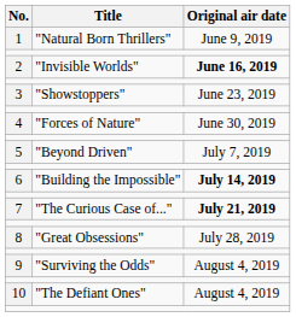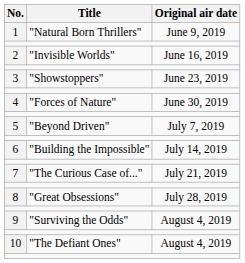 <table class="wikitable">
 <tr>
 <th style="background:">No.</th>
 <th style="background:">Title</th>
 <th style="background:">Original air date</th>
 </tr>
 <tr class="vevent" style="text-align:center;background-position:initialinitial;background-repeat:initialinitial;">
 <th id="ep1" scope="row" style="font-weight:normal;">1</th>
 <td class="summary" style="text-align:left;">"Natural Born Thrillers"</td>
 <td>June 9, 2019</td>
 </tr>
 <tr>
 <td colspan="3" class="description" style="bottom-border-width:3px;border-bottom-color:"></td>
 </tr>
 <tr class="vevent" style="text-align:center;background-position:initialinitial;background-repeat:initialinitial;">
 <th id="ep2" scope="row" style="font-weight:normal;">2</th>
 <td class="summary" style="text-align:left;">"Invisible Worlds"</td>
-<td><strong>June 16, 2019</strong></td>
+<td>June 16, 2019</td>
 </tr>
 <tr>
 <td colspan="3" class="description" style="bottom-border-width:3px;border-bottom-color:"></td>
 </tr>
 <tr class="vevent" style="text-align:center;background-position:initialinitial;background-repeat:initialinitial;">
 <th id="ep3" scope="row" style="font-weight:normal;">3</th>
 <td class="summary" style="text-align:left;">"Showstoppers"</td>
 <td>June 23, 2019</td>
 </tr>
 <tr>
 <td colspan="3" class="description" style="bottom-border-width:3px;border-bottom-color:"></td>
 </tr>
 <tr class="vevent" style="text-align:center;background-position:initialinitial;background-repeat:initialinitial;">
 <th id="ep4" scope="row" style="font-weight:normal;">4</th>
 <td class="summary" style="text-align:left;">"Forces of Nature"</td>
 <td>June 30, 2019</td>
 </tr>
 <tr>
 <td colspan="3" class="description" style="bottom-border-width:3px;border-bottom-color:"></td>
 </tr>
 <tr class="vevent" style="text-align:center;background-position:initialinitial;background-repeat:initialinitial;">
 <th id="ep5" scope="row" style="font-weight:normal;">5</th>
 <td class="summary" style="text-align:left;">"Beyond Driven"</td>
 <td>July 7, 2019</td>
 </tr>
 <tr>
 <td colspan="3" class="description" style="bottom-border-width:3px;border-bottom-color:"></td>
 </tr>
 <tr class="vevent" style="text-align:center;background-position:initialinitial;background-repeat:initialinitial;">
 <th id="ep6" scope="row" style="font-weight:normal;">6</th>
 <td class="summary" style="text-align:left;">"Building the Impossible"</td>
-<td><strong>July 14, 2019</strong></td>
+<td>July 14, 2019</td>
 </tr>
 <tr>
 <td colspan="3" class="description" style="bottom-border-width:3px;border-bottom-color:"></td>
 </tr>
 <tr class="vevent" style="text-align:center;background-position:initialinitial;background-repeat:initialinitial;">
 <th id="ep7" scope="row" style="font-weight:normal;">7</th>
 <td class="summary" style="text-align:left;">"The Curious Case of..."</td>
-<td><strong>July 21, 2019</strong></td>
+<td>July 21, 2019</td>
 </tr>
 <tr>
 <td colspan="3" class="description" style="bottom-border-width:3px;border-bottom-color:"></td>
 </tr>
 <tr class="vevent" style="text-align:center;background-position:initialinitial;background-repeat:initialinitial;">
 <th id="ep8" scope="row" style="font-weight:normal;">8</th>
 <td class="summary" style="text-align:left;">"Great Obsessions"</td>
 <td>July 28, 2019</td>
 </tr>
 <tr>
 <td colspan="3" class="description" style="bottom-border-width:3px;border-bottom-color:"></td>
 </tr>
 <tr class="vevent" style="text-align:center;background-position:initialinitial;background-repeat:initialinitial;">
 <th id="ep9" scope="row" style="font-weight:normal;">9</th>
 <td class="summary" style="text-align:left;">"Surviving the Odds"</td>
 <td>August 4, 2019</td>
 </tr>
 <tr>
 <td colspan="3" class="description" style="bottom-border-width:3px;border-bottom-color:"></td>
 </tr>
 <tr class="vevent" style="text-align:center;background-position:initialinitial;background-repeat:initialinitial;">
 <th id="ep10" scope="row" style="font-weight:normal;">10</th>
 <td class="summary" style="text-align:left;">"The Defiant Ones"</td>
 <td>August 4, 2019</td>
 </tr>
 <tr>
 <td colspan="3" class="description" style="bottom-border-width:3px;border-bottom-color:"></td>
 </tr>
 </table>
